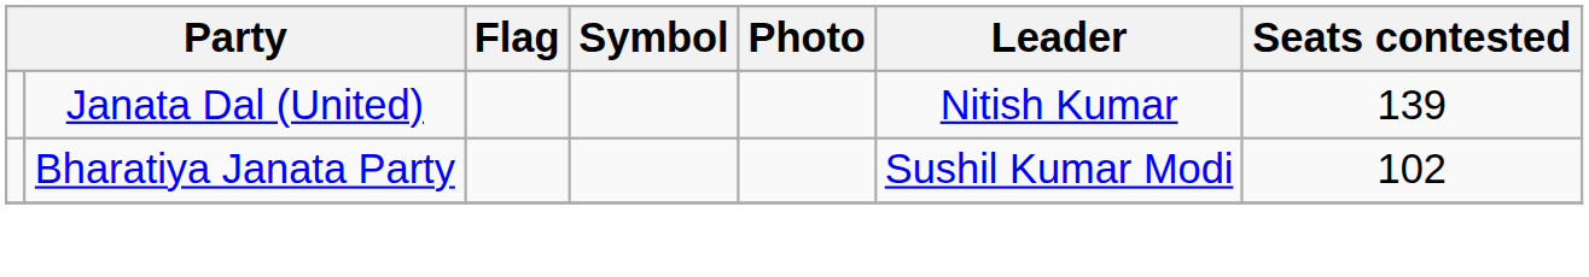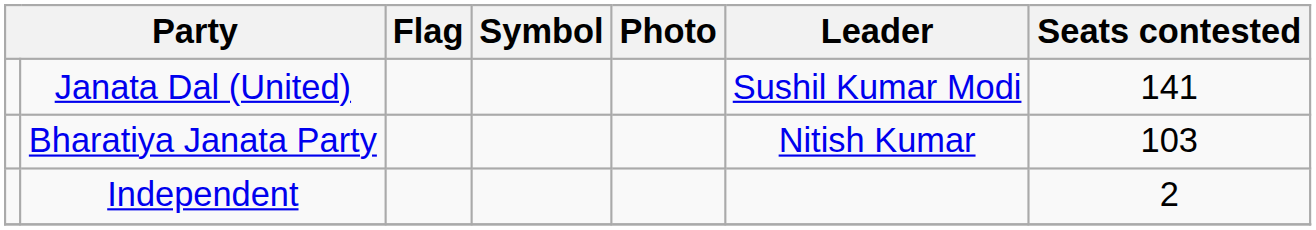 <table class="wikitable" style="text-align:center;">
 <tr>
 <th colspan="2">Party</th>
 <th>Flag</th>
 <th>Symbol</th>
 <th>Photo</th>
 <th>Leader</th>
 <th>Seats contested</th>
 </tr>
 <tr>
 <td></td>
 <td><a href='#'>Janata Dal (United)</a></td>
 <td></td>
 <td></td>
 <td></td>
-<td><a href='#'>Nitish Kumar</a></td>
-<td>139</td>
+<td><a href='#'>Sushil Kumar Modi</a></td>
+<td>141</td>
 </tr>
 <tr>
 <td></td>
 <td><a href='#'>Bharatiya Janata Party</a></td>
 <td></td>
 <td></td>
 <td></td>
-<td><a href='#'>Sushil Kumar Modi</a></td>
-<td>102</td>
+<td><a href='#'>Nitish Kumar</a></td>
+<td>103</td>
+</tr>
+<tr>
+<td></td>
+<td><a href='#'>Independent</a></td>
+<td></td>
+<td></td>
+<td></td>
+<td></td>
+<td>2</td>
 </tr>
 <tr>
 </tr>
 </table>
